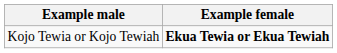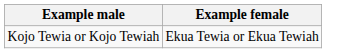 <table class="wikitable">
 <tr>
 <th>Example male</th>
 <th>Example female</th>
 </tr>
 <tr>
 <td>Kojo Tewia or Kojo Tewiah</td>
-<td><strong>Ekua Tewia or Ekua Tewiah</strong></td>
+<td>Ekua Tewia or Ekua Tewiah</td>
 </tr>
 </table>
